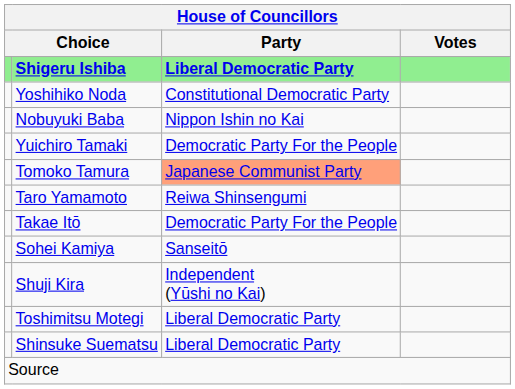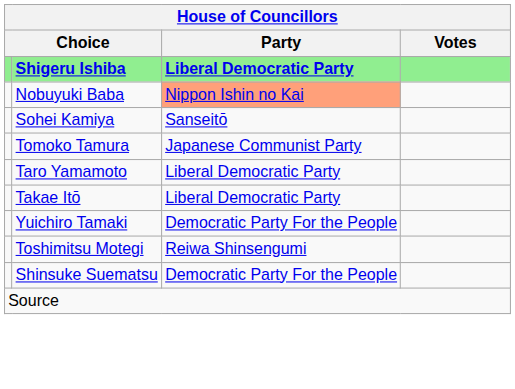 <table class="wikitable" style="font-size:98%;">
 <tr>
 <th colspan="4"><a href='#'>House of Councillors</a></th>
 </tr>
 <tr>
 <th align="left" colspan="2" width="100">Choice</th>
 <th>Party</th>
 <th width="100">Votes</th>
 </tr>
 <tr style="background:lightgreen;">
 <td style="color:inherit;background:"></td>
 <td style="text-align:left;"><strong><a href='#'>Shigeru Ishiba</a></strong></td>
 <td style="text-align:left;"><strong><a href='#'>Liberal Democratic Party</a></strong></td>
 <td><strong></strong></td>
 </tr>
 <tr>
 <td style="color:inherit;background:"></td>
-<td style="text-align:left;"><a href='#'>Yoshihiko Noda</a></td>
-<td style="text-align:left;"><a href='#'>Constitutional Democratic Party</a></td>
+<td style="text-align:left;"><a href='#'>Nobuyuki Baba</a></td>
+<td style="background: lightsalmon; text-align:left;"><a href='#'>Nippon Ishin no Kai</a></td>
 <td></td>
 </tr>
 <tr>
 <td style="color:inherit;background:"></td>
-<td style="text-align:left;"><a href='#'>Nobuyuki Baba</a></td>
-<td style="text-align:left;"><a href='#'>Nippon Ishin no Kai</a></td>
+<td style="text-align:left;"><a href='#'>Sohei Kamiya</a></td>
+<td style="text-align:left;"><a href='#'>Sanseitō</a></td>
+<td></td>
+</tr>
+<tr>
+<td style="color:inherit;background:"></td>
+<td style="text-align:left;"><a href='#'>Tomoko Tamura</a></td>
+<td style="text-align:left;"><a href='#'>Japanese Communist Party</a></td>
+<td></td>
+</tr>
+<tr>
+<td style="color:inherit;background:"></td>
+<td style="text-align:left;"><a href='#'>Taro Yamamoto</a></td>
+<td style="text-align:left;"><a href='#'>Liberal Democratic Party</a></td>
+<td></td>
+</tr>
+<tr>
+<td style="color:inherit;background:"></td>
+<td style="text-align:left;"><a href='#'>Takae Itō</a></td>
+<td style="text-align:left;"><a href='#'>Liberal Democratic Party</a></td>
 <td></td>
 </tr>
 <tr>
 <td style="color:inherit;background:"></td>
 <td style="text-align:left;"><a href='#'>Yuichiro Tamaki</a></td>
 <td style="text-align:left;"><a href='#'>Democratic Party For the People</a></td>
 <td></td>
 </tr>
 <tr>
 <td style="color:inherit;background:"></td>
-<td style="text-align:left;"><a href='#'>Tomoko Tamura</a></td>
-<td style="background: lightsalmon; text-align:left;"><a href='#'>Japanese Communist Party</a></td>
-<td></td>
-</tr>
-<tr>
-<td style="color:inherit;background:"></td>
-<td style="text-align:left;"><a href='#'>Taro Yamamoto</a></td>
+<td style="text-align:left;"><a href='#'>Toshimitsu Motegi</a></td>
 <td style="text-align:left;"><a href='#'>Reiwa Shinsengumi</a></td>
 <td></td>
 </tr>
 <tr>
 <td style="color:inherit;background:"></td>
-<td style="text-align:left;"><a href='#'>Takae Itō</a></td>
+<td style="text-align:left;"><a href='#'>Shinsuke Suematsu</a></td>
 <td style="text-align:left;"><a href='#'>Democratic Party For the People</a></td>
-<td></td>
-</tr>
-<tr>
-<td style="color:inherit;background:"></td>
-<td style="text-align:left;"><a href='#'>Sohei Kamiya</a></td>
-<td style="text-align:left;"><a href='#'>Sanseitō</a></td>
-<td></td>
-</tr>
-<tr>
-<td style="color:inherit;background:"></td>
-<td style="text-align:left;"><a href='#'>Shuji Kira </a></td>
-<td style="text-align:left;"><a href='#'>Independent</a><br>(<a href='#'>Yūshi no Kai</a>)</td>
-<td></td>
-</tr>
-<tr>
-<td style="color:inherit;background:"></td>
-<td style="text-align:left;"><a href='#'>Toshimitsu Motegi</a></td>
-<td style="text-align:left;"><a href='#'>Liberal Democratic Party</a></td>
-<td></td>
-</tr>
-<tr>
-<td style="color:inherit;background:"></td>
-<td style="text-align:left;"><a href='#'>Shinsuke Suematsu</a></td>
-<td style="text-align:left;"><a href='#'>Liberal Democratic Party</a></td>
 <td></td>
 </tr>
 <tr>
 <td colspan=4>Source</td>
 </tr>
 </table>
